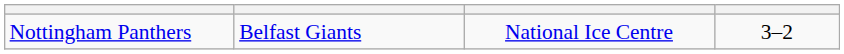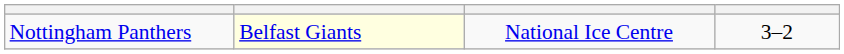 <table class="wikitable" style="width: 100%">
 <tr>
 <th width="27.5%"></th>
 <th width="27.5%"></th>
 <th width="30%"></th>
 <th width="15%"></th>
 </tr>
 <tr align=center>
 <td align=left><a href='#'>Nottingham Panthers</a></td>
-<td align=left><a href='#'>Belfast Giants</a></td>
+<td align=left style="background: lightyellow;"><a href='#'>Belfast Giants</a></td>
 <td><a href='#'>National Ice Centre</a></td>
 <td>3–2</td>
 </tr>
 </table>
